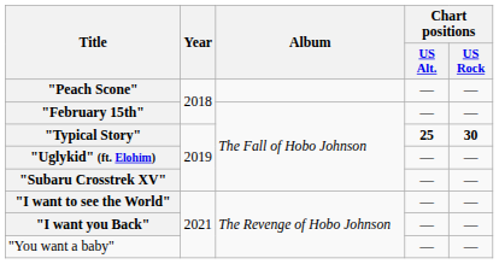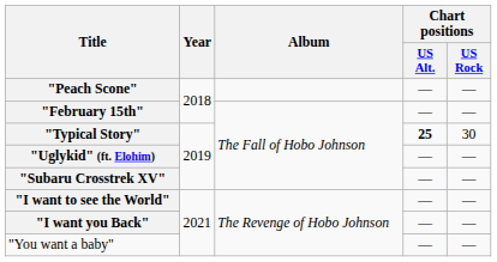 <table class="wikitable plainrowheaders sortable">
 <tr>
 <th scope="col" rowspan="2" style="width:12em;">Title</th>
 <th scope="col" rowspan="2" style="width:2em;">Year</th>
 <th scope="col" rowspan="2" style="width:13em;">Album</th>
 <th scope="col" colspan="2">Chart positions</th>
 </tr>
 <tr>
 <th scope="col" style="width:3em;font-size:90%;"><a href='#'>US Alt.</a></th>
 <th scope="col" style="width:3em;font-size:90%;"><a href='#'>US Rock</a></th>
 </tr>
 <tr>
 <th scope="row">"Peach Scone"</th>
 <td rowspan="2">2018</td>
 <td></td>
 <td style="text-align:center;">—</td>
 <td style="text-align:center;">—</td>
 </tr>
 <tr>
 <th scope="row">"February 15th"</th>
 <td rowspan="4"><em>The Fall of Hobo Johnson</em></td>
 <td style="text-align:center;">—</td>
 <td style="text-align:center;">—</td>
 </tr>
 <tr>
 <th scope="row">"Typical Story"</th>
 <td rowspan="3">2019</td>
 <td style="text-align:center;"><strong>25</strong></td>
-<td style="text-align:center;"><strong>30</strong></td>
+<td style="text-align:center;">30</td>
 </tr>
 <tr>
 <th scope="row">"Uglykid" <small>(ft. <a href='#'>Elohim</a>)</small></th>
 <td style="text-align:center;">—</td>
 <td style="text-align:center;">—</td>
 </tr>
 <tr>
 <th scope="row">"Subaru Crosstrek XV"</th>
 <td style="text-align:center;">—</td>
 <td style="text-align:center;">—</td>
 </tr>
 <tr>
 <th scope="row">"I want to see the World"</th>
 <td rowspan="3">2021</td>
 <td rowspan="3"><em>The Revenge of Hobo Johnson</em></td>
 <td style="text-align:center;">—</td>
 <td style="text-align:center;">—</td>
 </tr>
 <tr>
 <th scope="row">"I want you Back"</th>
 <td style="text-align:center;">—</td>
 <td style="text-align:center;">—</td>
 </tr>
 <tr>
 <td scope="row">"You want a baby"</td>
 <td style="text-align:center;">—</td>
 <td style="text-align:center;">—</td>
 </tr>
 </table>
